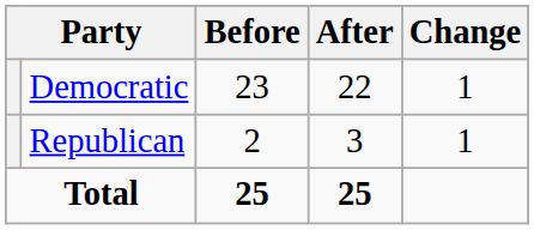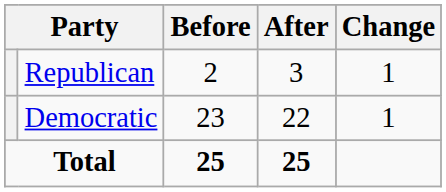 <table class="wikitable" style="text-align:center;">
 <tr>
 <th colspan="2">Party</th>
 <th>Before</th>
 <th>After</th>
 <th>Change</th>
 </tr>
 <tr>
 <th style="background-color:"></th>
-<td style="text-align:left;"><a href='#'>Democratic</a></td>
-<td>23</td>
-<td>22</td>
+<td style="text-align:left;"><a href='#'>Republican</a></td>
+<td>2</td>
+<td>3</td>
 <td> 1</td>
 </tr>
 <tr>
 <th style="background-color:"></th>
-<td style="text-align:left;"><a href='#'>Republican</a></td>
-<td>2</td>
-<td>3</td>
+<td style="text-align:left;"><a href='#'>Democratic</a></td>
+<td>23</td>
+<td>22</td>
 <td> 1</td>
 </tr>
 <tr>
 <td colspan="2"><strong>Total</strong></td>
 <td><strong>25</strong></td>
 <td><strong>25</strong></td>
 <td></td>
 </tr>
 </table>
